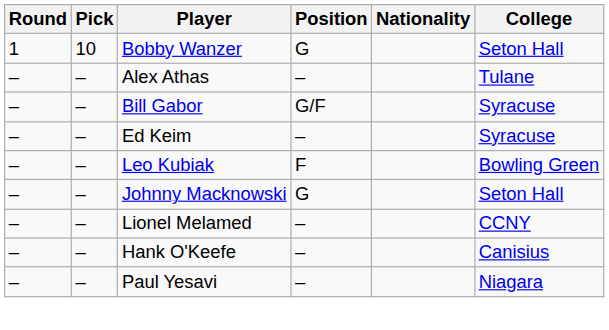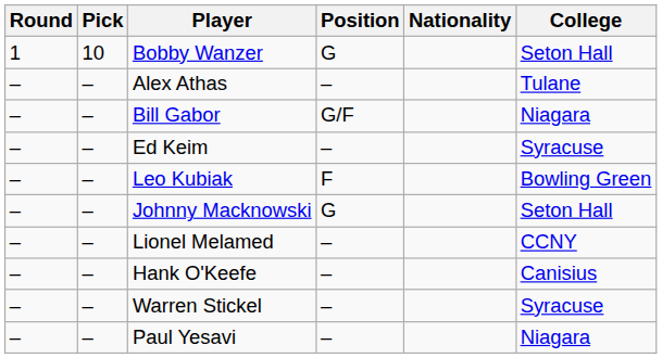 <table class="wikitable sortable sortable">
 <tr>
 <th>Round</th>
 <th>Pick</th>
 <th>Player</th>
 <th>Position</th>
 <th>Nationality</th>
 <th>College</th>
 </tr>
 <tr>
 <td>1</td>
 <td>10</td>
 <td><a href='#'>Bobby Wanzer</a></td>
 <td>G</td>
 <td></td>
 <td><a href='#'>Seton Hall</a></td>
 </tr>
 <tr>
 <td>–</td>
 <td>–</td>
 <td>Alex Athas</td>
 <td>–</td>
 <td></td>
 <td><a href='#'>Tulane</a></td>
 </tr>
 <tr>
 <td>–</td>
 <td>–</td>
 <td><a href='#'>Bill Gabor</a></td>
 <td>G/F</td>
 <td></td>
-<td><a href='#'>Syracuse</a></td>
+<td><a href='#'>Niagara</a></td>
 </tr>
 <tr>
 <td>–</td>
 <td>–</td>
 <td>Ed Keim</td>
 <td>–</td>
 <td></td>
 <td><a href='#'>Syracuse</a></td>
 </tr>
 <tr>
 <td>–</td>
 <td>–</td>
 <td><a href='#'>Leo Kubiak</a></td>
 <td>F</td>
 <td></td>
 <td><a href='#'>Bowling Green</a></td>
 </tr>
 <tr>
 <td>–</td>
 <td>–</td>
 <td><a href='#'>Johnny Macknowski</a></td>
 <td>G</td>
 <td></td>
 <td><a href='#'>Seton Hall</a></td>
 </tr>
 <tr>
 <td>–</td>
 <td>–</td>
 <td>Lionel Melamed</td>
 <td>–</td>
 <td></td>
 <td><a href='#'>CCNY</a></td>
 </tr>
 <tr>
 <td>–</td>
 <td>–</td>
 <td>Hank O'Keefe</td>
 <td>–</td>
 <td></td>
 <td><a href='#'>Canisius</a></td>
 </tr>
 <tr>
 <td>–</td>
 <td>–</td>
+<td>Warren Stickel</td>
+<td>–</td>
+<td></td>
+<td><a href='#'>Syracuse</a></td>
+</tr>
+<tr>
+<td>–</td>
+<td>–</td>
 <td>Paul Yesavi</td>
 <td>–</td>
 <td></td>
 <td><a href='#'>Niagara</a></td>
 </tr>
 </table>
